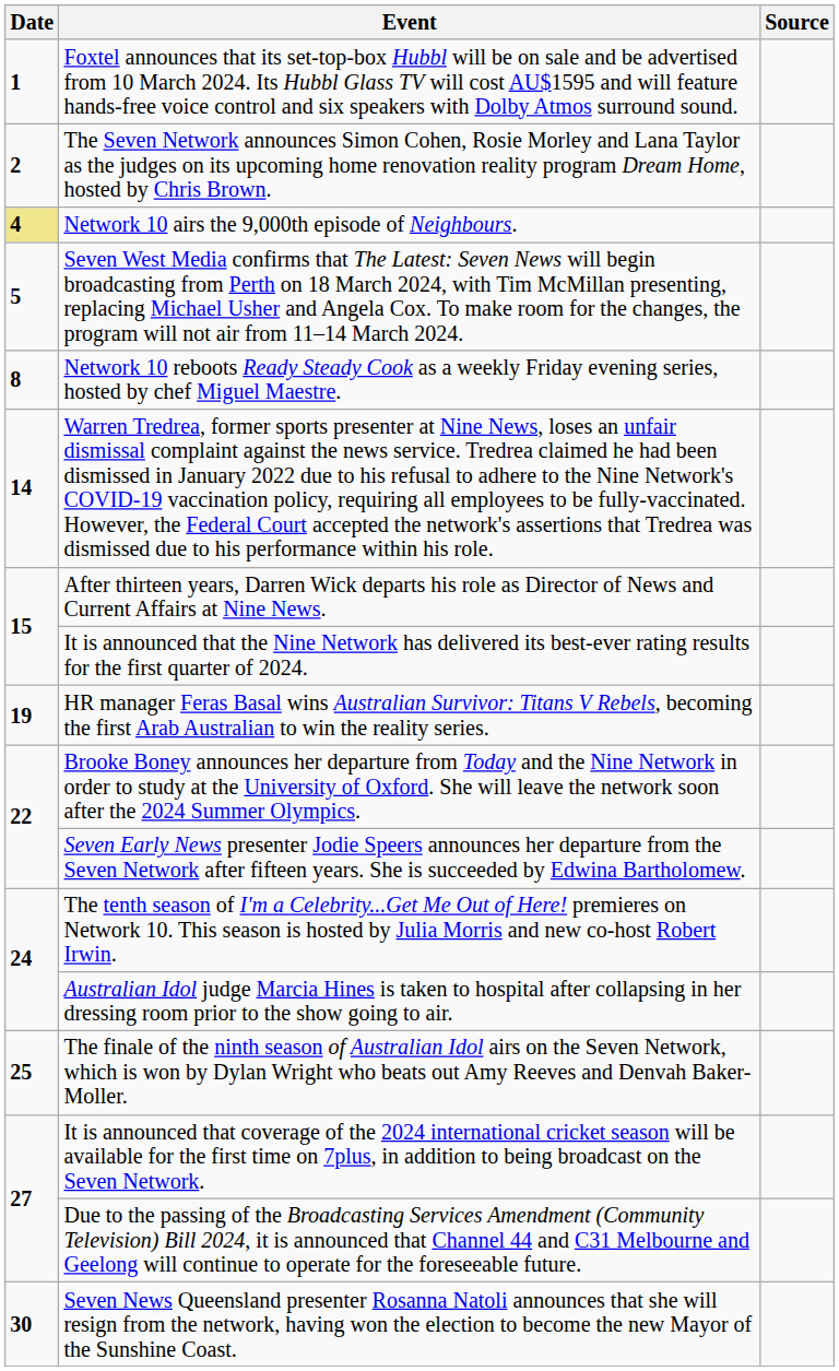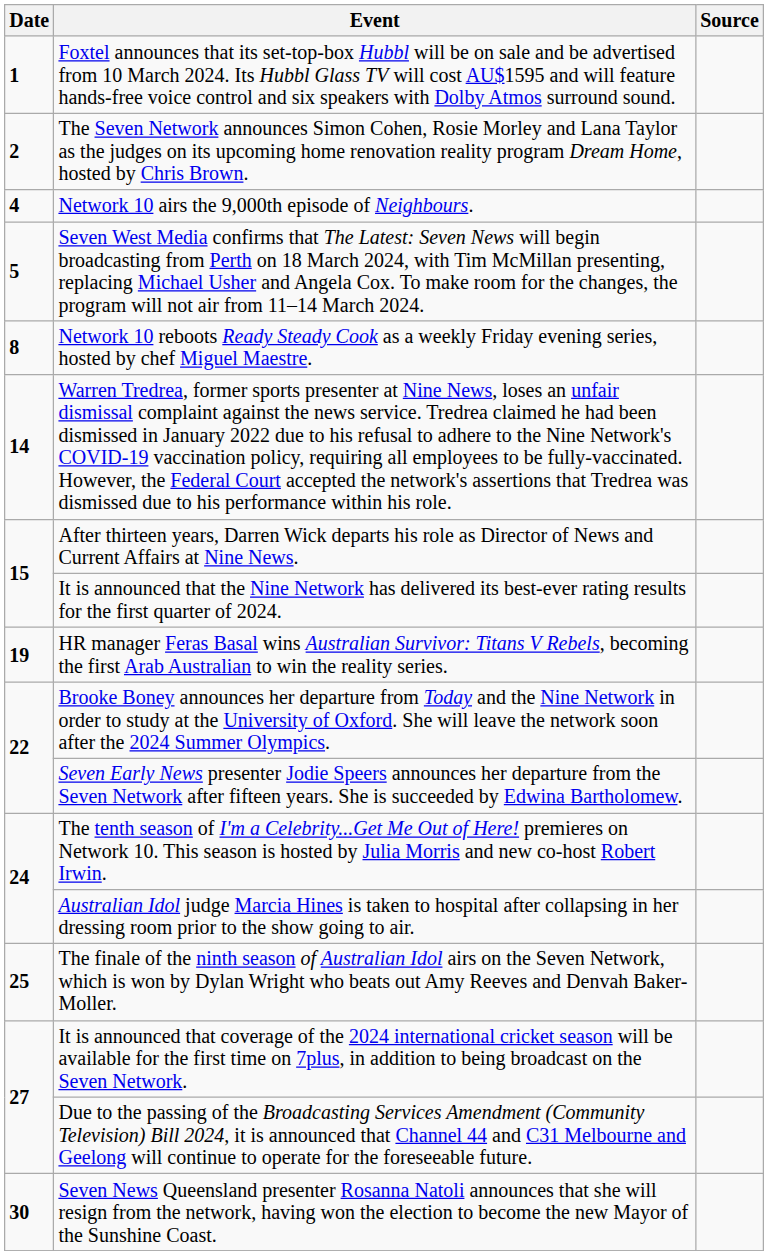 <table class="wikitable">
 <tr>
 <th>Date</th>
 <th>Event</th>
 <th>Source</th>
 </tr>
 <tr>
 <td><strong>1</strong></td>
 <td><a href='#'>Foxtel</a> announces that its set-top-box <em><a href='#'>Hubbl</a></em> will be on sale and be advertised from 10 March 2024. Its <em>Hubbl Glass TV</em> will cost <a href='#'>AU$</a>1595 and will feature hands-free voice control and six speakers with <a href='#'>Dolby Atmos</a> surround sound.</td>
 <td></td>
 </tr>
 <tr>
 <td><strong>2</strong></td>
 <td>The <a href='#'>Seven Network</a> announces Simon Cohen, Rosie Morley and Lana Taylor as the judges on its upcoming home renovation reality program <em>Dream Home</em>, hosted by <a href='#'>Chris Brown</a>.</td>
 <td></td>
 </tr>
 <tr>
-<td style="background: khaki;"><strong>4</strong></td>
+<td><strong>4</strong></td>
 <td><a href='#'>Network 10</a> airs the 9,000th episode of <em><a href='#'>Neighbours</a></em>.</td>
 <td></td>
 </tr>
 <tr>
 <td><strong>5</strong></td>
 <td><a href='#'>Seven West Media</a> confirms that <em>The Latest: Seven News</em> will begin broadcasting from <a href='#'>Perth</a> on 18 March 2024, with Tim McMillan presenting, replacing <a href='#'>Michael Usher</a> and Angela Cox. To make room for the changes, the program will not air from 11–14 March 2024.</td>
 <td></td>
 </tr>
 <tr>
 <td><strong>8</strong></td>
 <td><a href='#'>Network 10</a> reboots <a href='#'><em>Ready Steady Cook</em></a> as a weekly Friday evening series, hosted by chef <a href='#'>Miguel Maestre</a>.</td>
 <td></td>
 </tr>
 <tr>
 <td><strong>14</strong></td>
 <td><a href='#'>Warren Tredrea</a>, former sports presenter at <a href='#'>Nine News</a>, loses an <a href='#'>unfair dismissal</a> complaint against the news service. Tredrea claimed he had been dismissed in January 2022 due to his refusal to adhere to the Nine Network's <a href='#'>COVID-19</a> vaccination policy, requiring all employees to be fully-vaccinated. However, the <a href='#'>Federal Court</a> accepted the network's assertions that Tredrea was dismissed due to his performance within his role.</td>
 <td></td>
 </tr>
 <tr>
 <td rowspan=2><strong>15</strong></td>
 <td>After thirteen years, Darren Wick departs his role as Director of News and Current Affairs at <a href='#'>Nine News</a>.</td>
 <td></td>
 </tr>
 <tr>
 <td>It is announced that the <a href='#'>Nine Network</a> has delivered its best-ever rating results for the first quarter of 2024.</td>
 <td></td>
 </tr>
 <tr>
 <td><strong>19</strong></td>
 <td>HR manager <a href='#'>Feras Basal</a> wins <em><a href='#'>Australian Survivor: Titans V Rebels</a></em>, becoming the first <a href='#'>Arab Australian</a> to win the reality series.</td>
 <td></td>
 </tr>
 <tr>
 <td rowspan=2><strong>22</strong></td>
 <td><a href='#'>Brooke Boney</a> announces her departure from <a href='#'><em>Today</em></a> and the <a href='#'>Nine Network</a> in order to study at the <a href='#'>University of Oxford</a>. She will leave the network soon after the <a href='#'>2024 Summer Olympics</a>.</td>
 <td></td>
 </tr>
 <tr>
 <td><em><a href='#'>Seven Early News</a></em> presenter <a href='#'>Jodie Speers</a> announces her departure from the <a href='#'>Seven Network</a> after fifteen years. She is succeeded by <a href='#'>Edwina Bartholomew</a>.</td>
 <td></td>
 </tr>
 <tr>
 <td rowspan=2><strong>24</strong></td>
 <td>The <a href='#'>tenth season</a> of <em><a href='#'>I'm a Celebrity...Get Me Out of Here!</a></em> premieres on Network 10. This season is hosted by <a href='#'>Julia Morris</a> and new co-host <a href='#'>Robert Irwin</a>.</td>
 <td></td>
 </tr>
 <tr>
 <td><em><a href='#'>Australian Idol</a></em> judge <a href='#'>Marcia Hines</a> is taken to hospital after collapsing in her dressing room prior to the show going to air.</td>
 <td></td>
 </tr>
 <tr>
 <td><strong>25</strong></td>
 <td>The finale of the <a href='#'>ninth season</a><em> of <a href='#'>Australian Idol</a></em> airs on the Seven Network, which is won by Dylan Wright who beats out Amy Reeves and Denvah Baker-Moller.</td>
 <td></td>
 </tr>
 <tr>
 <td rowspan=2><strong>27</strong></td>
 <td>It is announced that coverage of the <a href='#'>2024 international cricket season</a> will be available for the first time on <a href='#'>7plus</a>, in addition to being broadcast on the <a href='#'>Seven Network</a>.</td>
 <td></td>
 </tr>
 <tr>
 <td>Due to the passing of the <em>Broadcasting Services Amendment (Community Television) Bill 2024</em>, it is announced that <a href='#'>Channel 44</a> and <a href='#'>C31 Melbourne and Geelong</a> will continue to operate for the foreseeable future.</td>
 <td></td>
 </tr>
 <tr>
 <td><strong>30</strong></td>
 <td><a href='#'>Seven News</a> Queensland presenter <a href='#'>Rosanna Natoli</a> announces that she will resign from the network, having won the election to become the new Mayor of the Sunshine Coast.</td>
 <td></td>
 </tr>
 <tr>
 </tr>
 </table>
